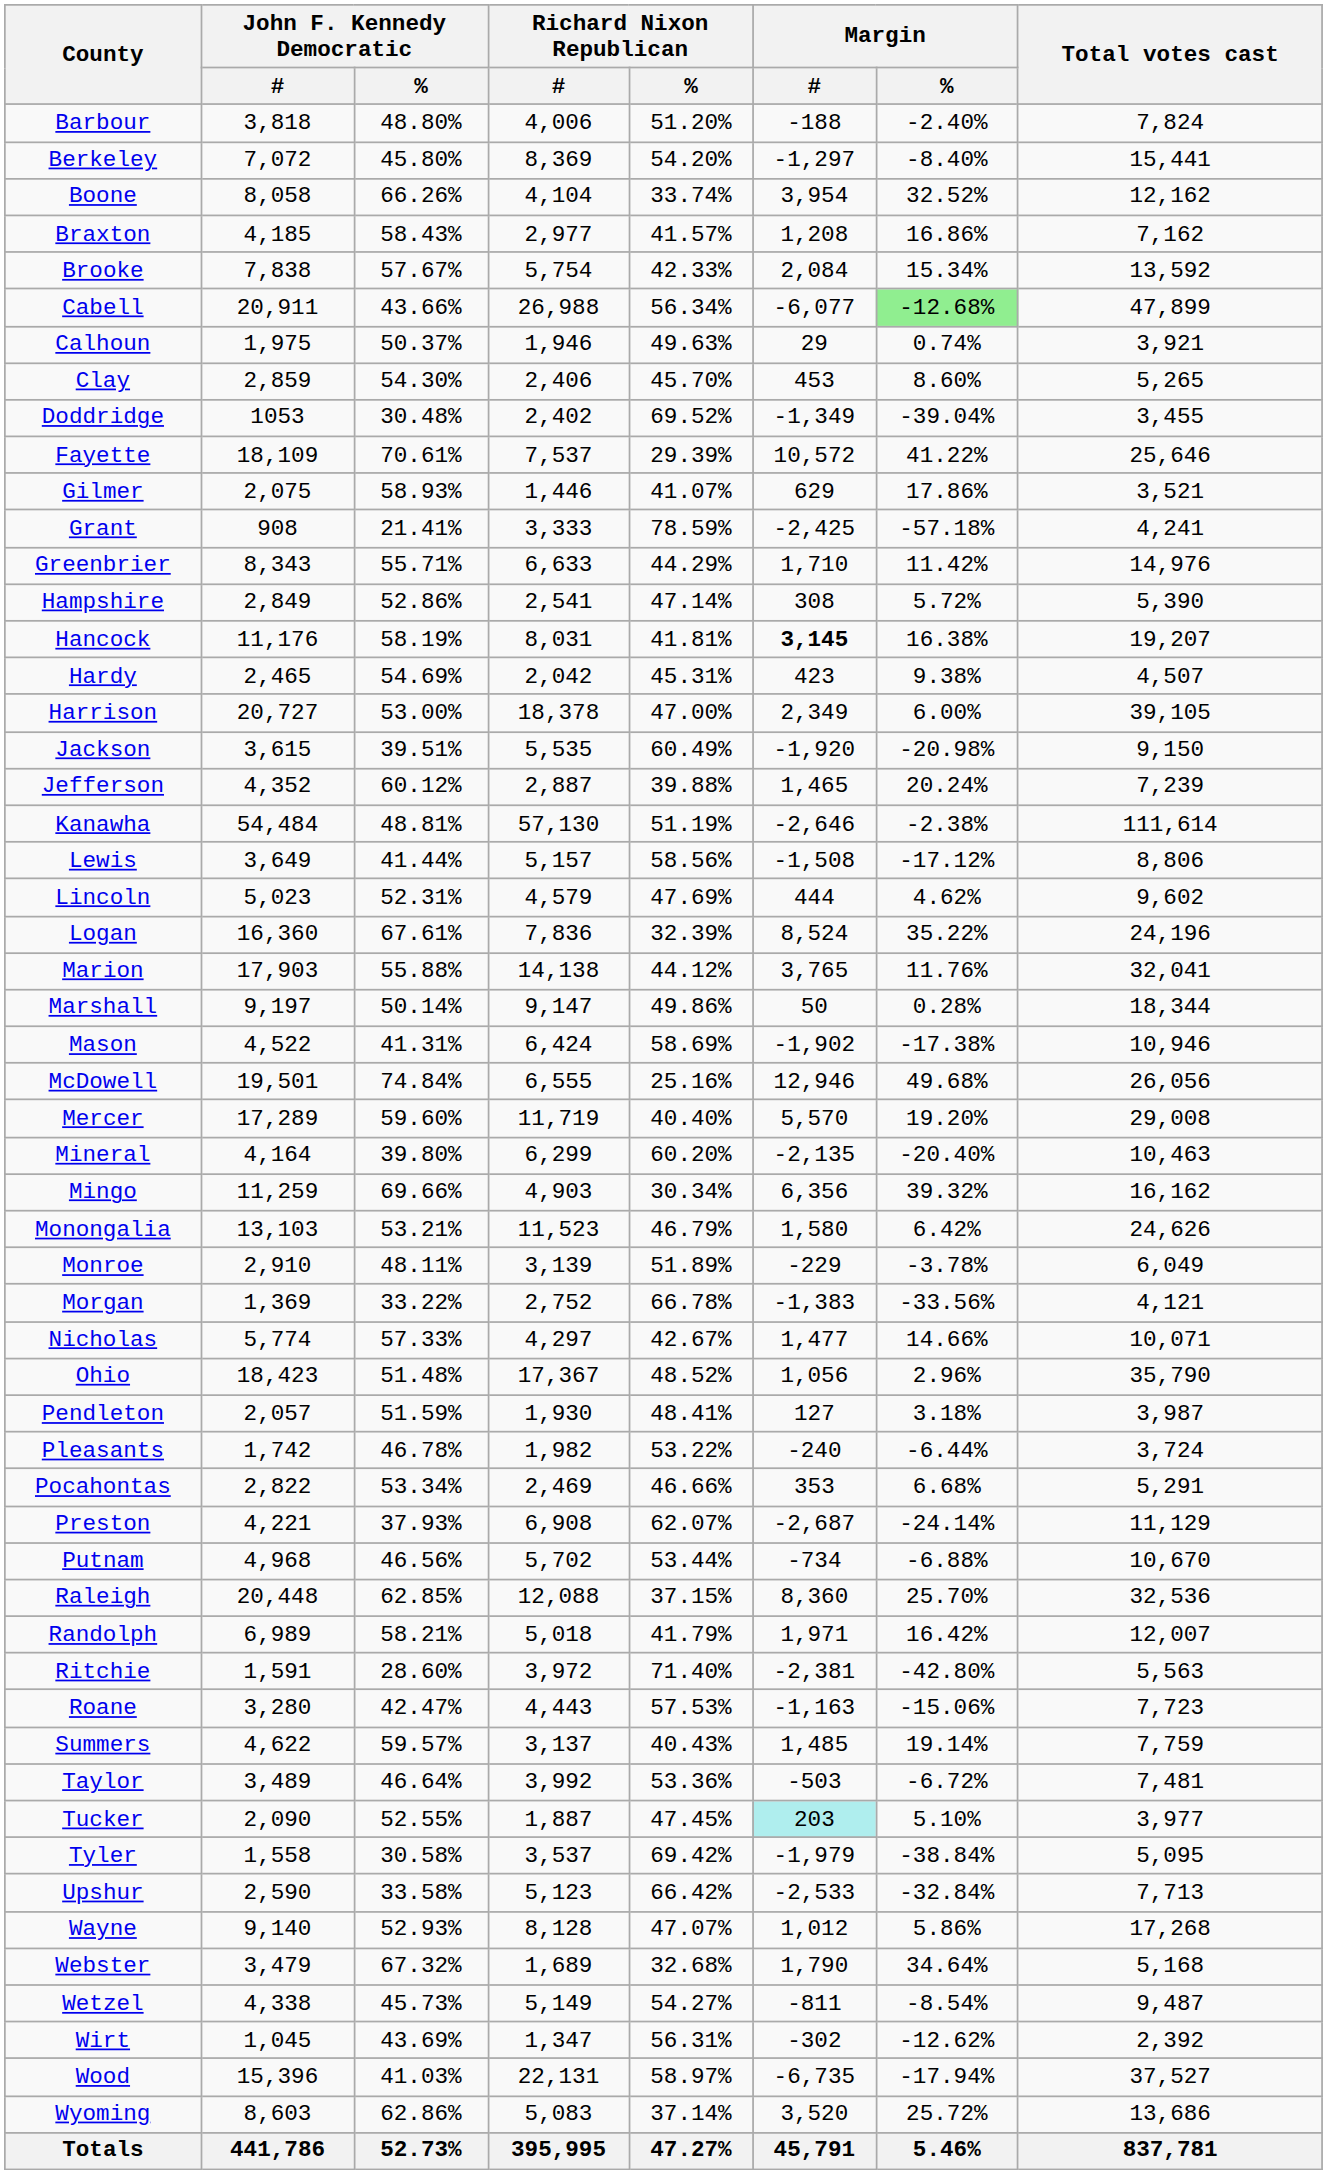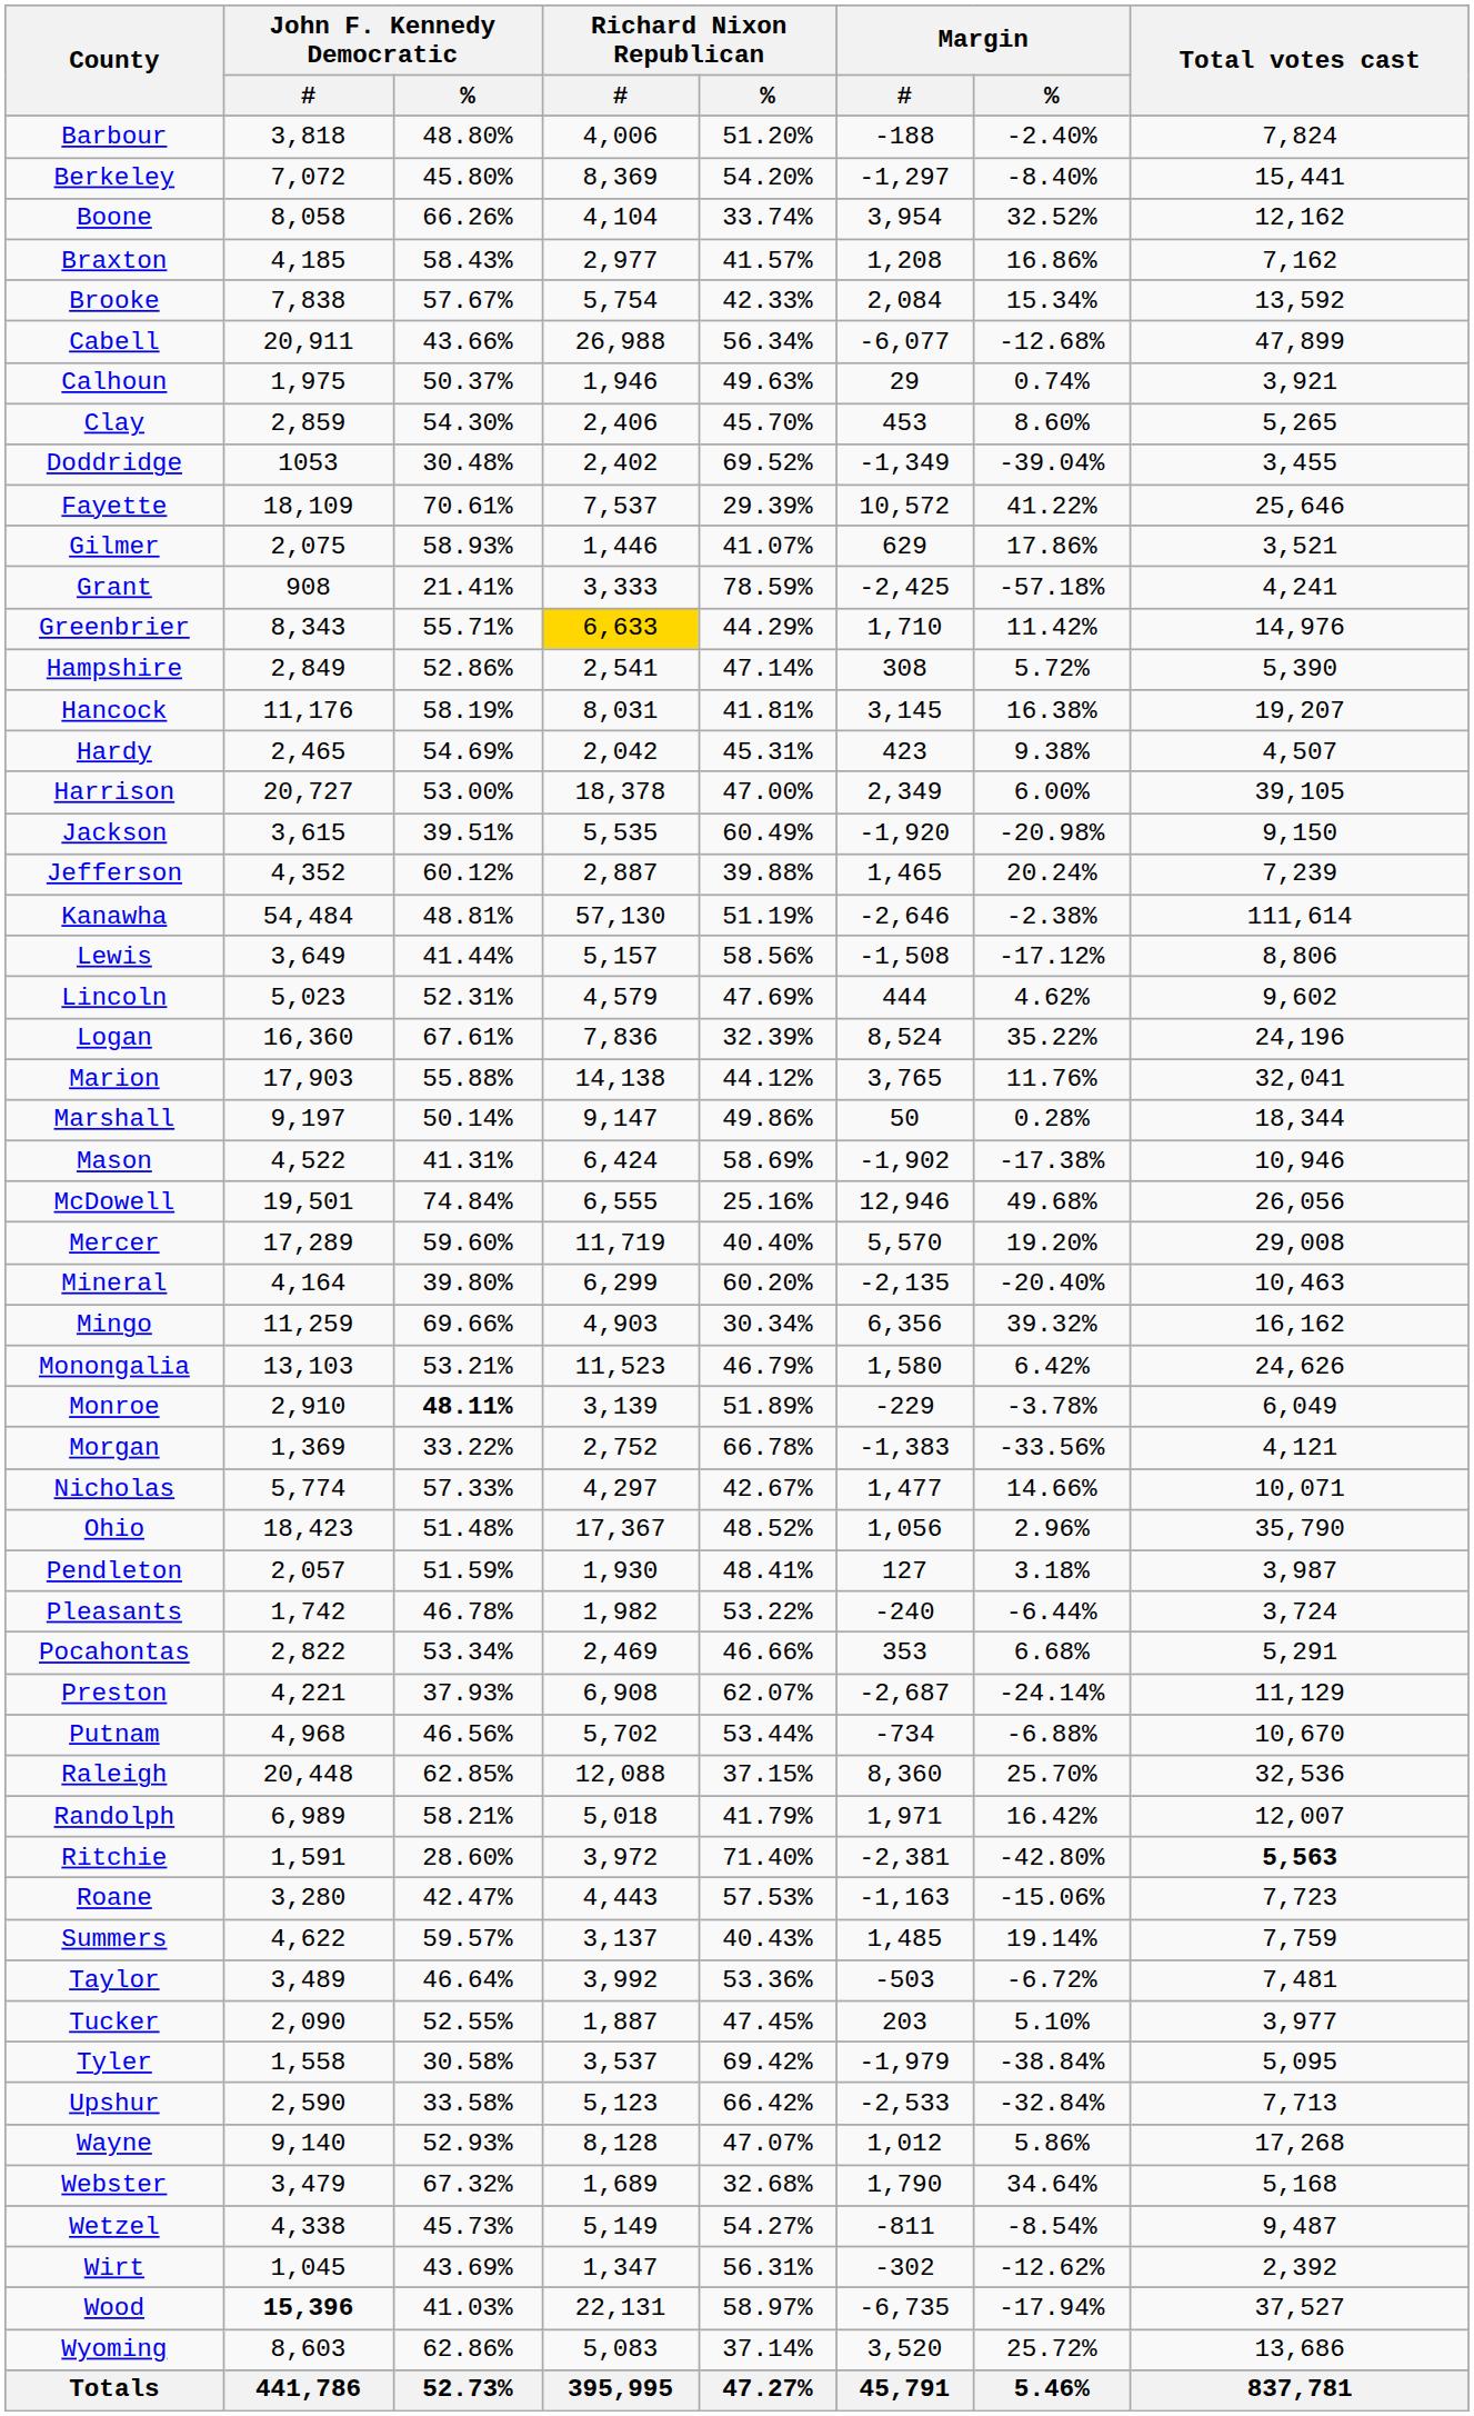 <table width="60%" class="wikitable sortable" style="text-align:center">
 <tr>
 <th style="text-align:center;" rowspan="2">County</th>
 <th style="text-align:center;" colspan="2">John F. Kennedy<br>Democratic</th>
 <th style="text-align:center;" colspan="2">Richard Nixon<br>Republican</th>
 <th style="text-align:center;" colspan="2">Margin</th>
 <th style="text-align:center;" rowspan="2">Total votes cast</th>
 </tr>
 <tr>
 <th style="text-align:center;" data-sort-type="number">#</th>
 <th style="text-align:center;" data-sort-type="number">%</th>
 <th style="text-align:center;" data-sort-type="number">#</th>
 <th style="text-align:center;" data-sort-type="number">%</th>
 <th style="text-align:center;" data-sort-type="number">#</th>
 <th style="text-align:center;" data-sort-type="number">%</th>
 </tr>
 <tr style="text-align:center;">
 <td><a href='#'>Barbour</a></td>
 <td>3,818</td>
 <td>48.80%</td>
 <td>4,006</td>
 <td>51.20%</td>
 <td>-188</td>
 <td>-2.40%</td>
 <td>7,824</td>
 </tr>
 <tr style="text-align:center;">
 <td><a href='#'>Berkeley</a></td>
 <td>7,072</td>
 <td>45.80%</td>
 <td>8,369</td>
 <td>54.20%</td>
 <td>-1,297</td>
 <td>-8.40%</td>
 <td>15,441</td>
 </tr>
 <tr style="text-align:center;">
 <td><a href='#'>Boone</a></td>
 <td>8,058</td>
 <td>66.26%</td>
 <td>4,104</td>
 <td>33.74%</td>
 <td>3,954</td>
 <td>32.52%</td>
 <td>12,162</td>
 </tr>
 <tr style="text-align:center;">
 <td><a href='#'>Braxton</a></td>
 <td>4,185</td>
 <td>58.43%</td>
 <td>2,977</td>
 <td>41.57%</td>
 <td>1,208</td>
 <td>16.86%</td>
 <td>7,162</td>
 </tr>
 <tr style="text-align:center;">
 <td><a href='#'>Brooke</a></td>
 <td>7,838</td>
 <td>57.67%</td>
 <td>5,754</td>
 <td>42.33%</td>
 <td>2,084</td>
 <td>15.34%</td>
 <td>13,592</td>
 </tr>
 <tr style="text-align:center;">
 <td><a href='#'>Cabell</a></td>
 <td>20,911</td>
 <td>43.66%</td>
 <td>26,988</td>
 <td>56.34%</td>
 <td>-6,077</td>
-<td style="background: lightgreen;">-12.68%</td>
+<td>-12.68%</td>
 <td>47,899</td>
 </tr>
 <tr style="text-align:center;">
 <td><a href='#'>Calhoun</a></td>
 <td>1,975</td>
 <td>50.37%</td>
 <td>1,946</td>
 <td>49.63%</td>
 <td>29</td>
 <td>0.74%</td>
 <td>3,921</td>
 </tr>
 <tr style="text-align:center;">
 <td><a href='#'>Clay</a></td>
 <td>2,859</td>
 <td>54.30%</td>
 <td>2,406</td>
 <td>45.70%</td>
 <td>453</td>
 <td>8.60%</td>
 <td>5,265</td>
 </tr>
 <tr style="text-align:center;">
 <td><a href='#'>Doddridge</a></td>
 <td>1053</td>
 <td>30.48%</td>
 <td>2,402</td>
 <td>69.52%</td>
 <td>-1,349</td>
 <td>-39.04%</td>
 <td>3,455</td>
 </tr>
 <tr style="text-align:center;">
 <td><a href='#'>Fayette</a></td>
 <td>18,109</td>
 <td>70.61%</td>
 <td>7,537</td>
 <td>29.39%</td>
 <td>10,572</td>
 <td>41.22%</td>
 <td>25,646</td>
 </tr>
 <tr style="text-align:center;">
 <td><a href='#'>Gilmer</a></td>
 <td>2,075</td>
 <td>58.93%</td>
 <td>1,446</td>
 <td>41.07%</td>
 <td>629</td>
 <td>17.86%</td>
 <td>3,521</td>
 </tr>
 <tr style="text-align:center;">
 <td><a href='#'>Grant</a></td>
 <td>908</td>
 <td>21.41%</td>
 <td>3,333</td>
 <td>78.59%</td>
 <td>-2,425</td>
 <td>-57.18%</td>
 <td>4,241</td>
 </tr>
 <tr style="text-align:center;">
 <td><a href='#'>Greenbrier</a></td>
 <td>8,343</td>
 <td>55.71%</td>
-<td>6,633</td>
+<td style="background: gold;">6,633</td>
 <td>44.29%</td>
 <td>1,710</td>
 <td>11.42%</td>
 <td>14,976</td>
 </tr>
 <tr style="text-align:center;">
 <td><a href='#'>Hampshire</a></td>
 <td>2,849</td>
 <td>52.86%</td>
 <td>2,541</td>
 <td>47.14%</td>
 <td>308</td>
 <td>5.72%</td>
 <td>5,390</td>
 </tr>
 <tr style="text-align:center;">
 <td><a href='#'>Hancock</a></td>
 <td>11,176</td>
 <td>58.19%</td>
 <td>8,031</td>
 <td>41.81%</td>
-<td><strong>3,145</strong></td>
+<td>3,145</td>
 <td>16.38%</td>
 <td>19,207</td>
 </tr>
 <tr style="text-align:center;">
 <td><a href='#'>Hardy</a></td>
 <td>2,465</td>
 <td>54.69%</td>
 <td>2,042</td>
 <td>45.31%</td>
 <td>423</td>
 <td>9.38%</td>
 <td>4,507</td>
 </tr>
 <tr style="text-align:center;">
 <td><a href='#'>Harrison</a></td>
 <td>20,727</td>
 <td>53.00%</td>
 <td>18,378</td>
 <td>47.00%</td>
 <td>2,349</td>
 <td>6.00%</td>
 <td>39,105</td>
 </tr>
 <tr style="text-align:center;">
 <td><a href='#'>Jackson</a></td>
 <td>3,615</td>
 <td>39.51%</td>
 <td>5,535</td>
 <td>60.49%</td>
 <td>-1,920</td>
 <td>-20.98%</td>
 <td>9,150</td>
 </tr>
 <tr style="text-align:center;">
 <td><a href='#'>Jefferson</a></td>
 <td>4,352</td>
 <td>60.12%</td>
 <td>2,887</td>
 <td>39.88%</td>
 <td>1,465</td>
 <td>20.24%</td>
 <td>7,239</td>
 </tr>
 <tr style="text-align:center;">
 <td><a href='#'>Kanawha</a></td>
 <td>54,484</td>
 <td>48.81%</td>
 <td>57,130</td>
 <td>51.19%</td>
 <td>-2,646</td>
 <td>-2.38%</td>
 <td>111,614</td>
 </tr>
 <tr style="text-align:center;">
 <td><a href='#'>Lewis</a></td>
 <td>3,649</td>
 <td>41.44%</td>
 <td>5,157</td>
 <td>58.56%</td>
 <td>-1,508</td>
 <td>-17.12%</td>
 <td>8,806</td>
 </tr>
 <tr style="text-align:center;">
 <td><a href='#'>Lincoln</a></td>
 <td>5,023</td>
 <td>52.31%</td>
 <td>4,579</td>
 <td>47.69%</td>
 <td>444</td>
 <td>4.62%</td>
 <td>9,602</td>
 </tr>
 <tr style="text-align:center;">
 <td><a href='#'>Logan</a></td>
 <td>16,360</td>
 <td>67.61%</td>
 <td>7,836</td>
 <td>32.39%</td>
 <td>8,524</td>
 <td>35.22%</td>
 <td>24,196</td>
 </tr>
 <tr style="text-align:center;">
 <td><a href='#'>Marion</a></td>
 <td>17,903</td>
 <td>55.88%</td>
 <td>14,138</td>
 <td>44.12%</td>
 <td>3,765</td>
 <td>11.76%</td>
 <td>32,041</td>
 </tr>
 <tr style="text-align:center;">
 <td><a href='#'>Marshall</a></td>
 <td>9,197</td>
 <td>50.14%</td>
 <td>9,147</td>
 <td>49.86%</td>
 <td>50</td>
 <td>0.28%</td>
 <td>18,344</td>
 </tr>
 <tr style="text-align:center;">
 <td><a href='#'>Mason</a></td>
 <td>4,522</td>
 <td>41.31%</td>
 <td>6,424</td>
 <td>58.69%</td>
 <td>-1,902</td>
 <td>-17.38%</td>
 <td>10,946</td>
 </tr>
 <tr style="text-align:center;">
 <td><a href='#'>McDowell</a></td>
 <td>19,501</td>
 <td>74.84%</td>
 <td>6,555</td>
 <td>25.16%</td>
 <td>12,946</td>
 <td>49.68%</td>
 <td>26,056</td>
 </tr>
 <tr style="text-align:center;">
 <td><a href='#'>Mercer</a></td>
 <td>17,289</td>
 <td>59.60%</td>
 <td>11,719</td>
 <td>40.40%</td>
 <td>5,570</td>
 <td>19.20%</td>
 <td>29,008</td>
 </tr>
 <tr style="text-align:center;">
 <td><a href='#'>Mineral</a></td>
 <td>4,164</td>
 <td>39.80%</td>
 <td>6,299</td>
 <td>60.20%</td>
 <td>-2,135</td>
 <td>-20.40%</td>
 <td>10,463</td>
 </tr>
 <tr style="text-align:center;">
 <td><a href='#'>Mingo</a></td>
 <td>11,259</td>
 <td>69.66%</td>
 <td>4,903</td>
 <td>30.34%</td>
 <td>6,356</td>
 <td>39.32%</td>
 <td>16,162</td>
 </tr>
 <tr style="text-align:center;">
 <td><a href='#'>Monongalia</a></td>
 <td>13,103</td>
 <td>53.21%</td>
 <td>11,523</td>
 <td>46.79%</td>
 <td>1,580</td>
 <td>6.42%</td>
 <td>24,626</td>
 </tr>
 <tr style="text-align:center;">
 <td><a href='#'>Monroe</a></td>
 <td>2,910</td>
-<td>48.11%</td>
+<td><strong>48.11%</strong></td>
 <td>3,139</td>
 <td>51.89%</td>
 <td>-229</td>
 <td>-3.78%</td>
 <td>6,049</td>
 </tr>
 <tr style="text-align:center;">
 <td><a href='#'>Morgan</a></td>
 <td>1,369</td>
 <td>33.22%</td>
 <td>2,752</td>
 <td>66.78%</td>
 <td>-1,383</td>
 <td>-33.56%</td>
 <td>4,121</td>
 </tr>
 <tr style="text-align:center;">
 <td><a href='#'>Nicholas</a></td>
 <td>5,774</td>
 <td>57.33%</td>
 <td>4,297</td>
 <td>42.67%</td>
 <td>1,477</td>
 <td>14.66%</td>
 <td>10,071</td>
 </tr>
 <tr style="text-align:center;">
 <td><a href='#'>Ohio</a></td>
 <td>18,423</td>
 <td>51.48%</td>
 <td>17,367</td>
 <td>48.52%</td>
 <td>1,056</td>
 <td>2.96%</td>
 <td>35,790</td>
 </tr>
 <tr style="text-align:center;">
 <td><a href='#'>Pendleton</a></td>
 <td>2,057</td>
 <td>51.59%</td>
 <td>1,930</td>
 <td>48.41%</td>
 <td>127</td>
 <td>3.18%</td>
 <td>3,987</td>
 </tr>
 <tr style="text-align:center;">
 <td><a href='#'>Pleasants</a></td>
 <td>1,742</td>
 <td>46.78%</td>
 <td>1,982</td>
 <td>53.22%</td>
 <td>-240</td>
 <td>-6.44%</td>
 <td>3,724</td>
 </tr>
 <tr style="text-align:center;">
 <td><a href='#'>Pocahontas</a></td>
 <td>2,822</td>
 <td>53.34%</td>
 <td>2,469</td>
 <td>46.66%</td>
 <td>353</td>
 <td>6.68%</td>
 <td>5,291</td>
 </tr>
 <tr style="text-align:center;">
 <td><a href='#'>Preston</a></td>
 <td>4,221</td>
 <td>37.93%</td>
 <td>6,908</td>
 <td>62.07%</td>
 <td>-2,687</td>
 <td>-24.14%</td>
 <td>11,129</td>
 </tr>
 <tr style="text-align:center;">
 <td><a href='#'>Putnam</a></td>
 <td>4,968</td>
 <td>46.56%</td>
 <td>5,702</td>
 <td>53.44%</td>
 <td>-734</td>
 <td>-6.88%</td>
 <td>10,670</td>
 </tr>
 <tr style="text-align:center;">
 <td><a href='#'>Raleigh</a></td>
 <td>20,448</td>
 <td>62.85%</td>
 <td>12,088</td>
 <td>37.15%</td>
 <td>8,360</td>
 <td>25.70%</td>
 <td>32,536</td>
 </tr>
 <tr style="text-align:center;">
 <td><a href='#'>Randolph</a></td>
 <td>6,989</td>
 <td>58.21%</td>
 <td>5,018</td>
 <td>41.79%</td>
 <td>1,971</td>
 <td>16.42%</td>
 <td>12,007</td>
 </tr>
 <tr style="text-align:center;">
 <td><a href='#'>Ritchie</a></td>
 <td>1,591</td>
 <td>28.60%</td>
 <td>3,972</td>
 <td>71.40%</td>
 <td>-2,381</td>
 <td>-42.80%</td>
-<td>5,563</td>
+<td><strong>5,563</strong></td>
 </tr>
 <tr style="text-align:center;">
 <td><a href='#'>Roane</a></td>
 <td>3,280</td>
 <td>42.47%</td>
 <td>4,443</td>
 <td>57.53%</td>
 <td>-1,163</td>
 <td>-15.06%</td>
 <td>7,723</td>
 </tr>
 <tr style="text-align:center;">
 <td><a href='#'>Summers</a></td>
 <td>4,622</td>
 <td>59.57%</td>
 <td>3,137</td>
 <td>40.43%</td>
 <td>1,485</td>
 <td>19.14%</td>
 <td>7,759</td>
 </tr>
 <tr style="text-align:center;">
 <td><a href='#'>Taylor</a></td>
 <td>3,489</td>
 <td>46.64%</td>
 <td>3,992</td>
 <td>53.36%</td>
 <td>-503</td>
 <td>-6.72%</td>
 <td>7,481</td>
 </tr>
 <tr style="text-align:center;">
 <td><a href='#'>Tucker</a></td>
 <td>2,090</td>
 <td>52.55%</td>
 <td>1,887</td>
 <td>47.45%</td>
-<td style="background: paleturquoise;">203</td>
+<td>203</td>
 <td>5.10%</td>
 <td>3,977</td>
 </tr>
 <tr style="text-align:center;">
 <td><a href='#'>Tyler</a></td>
 <td>1,558</td>
 <td>30.58%</td>
 <td>3,537</td>
 <td>69.42%</td>
 <td>-1,979</td>
 <td>-38.84%</td>
 <td>5,095</td>
 </tr>
 <tr style="text-align:center;">
 <td><a href='#'>Upshur</a></td>
 <td>2,590</td>
 <td>33.58%</td>
 <td>5,123</td>
 <td>66.42%</td>
 <td>-2,533</td>
 <td>-32.84%</td>
 <td>7,713</td>
 </tr>
 <tr style="text-align:center;">
 <td><a href='#'>Wayne</a></td>
 <td>9,140</td>
 <td>52.93%</td>
 <td>8,128</td>
 <td>47.07%</td>
 <td>1,012</td>
 <td>5.86%</td>
 <td>17,268</td>
 </tr>
 <tr style="text-align:center;">
 <td><a href='#'>Webster</a></td>
 <td>3,479</td>
 <td>67.32%</td>
 <td>1,689</td>
 <td>32.68%</td>
 <td>1,790</td>
 <td>34.64%</td>
 <td>5,168</td>
 </tr>
 <tr style="text-align:center;">
 <td><a href='#'>Wetzel</a></td>
 <td>4,338</td>
 <td>45.73%</td>
 <td>5,149</td>
 <td>54.27%</td>
 <td>-811</td>
 <td>-8.54%</td>
 <td>9,487</td>
 </tr>
 <tr style="text-align:center;">
 <td><a href='#'>Wirt</a></td>
 <td>1,045</td>
 <td>43.69%</td>
 <td>1,347</td>
 <td>56.31%</td>
 <td>-302</td>
 <td>-12.62%</td>
 <td>2,392</td>
 </tr>
 <tr style="text-align:center;">
 <td><a href='#'>Wood</a></td>
-<td>15,396</td>
+<td><strong>15,396</strong></td>
 <td>41.03%</td>
 <td>22,131</td>
 <td>58.97%</td>
 <td>-6,735</td>
 <td>-17.94%</td>
 <td>37,527</td>
 </tr>
 <tr style="text-align:center;">
 <td><a href='#'>Wyoming</a></td>
 <td>8,603</td>
 <td>62.86%</td>
 <td>5,083</td>
 <td>37.14%</td>
 <td>3,520</td>
 <td>25.72%</td>
 <td>13,686</td>
 </tr>
 <tr>
 <th>Totals</th>
 <th>441,786</th>
 <th>52.73%</th>
 <th>395,995</th>
 <th>47.27%</th>
 <th>45,791</th>
 <th>5.46%</th>
 <th>837,781</th>
 </tr>
 </table>
